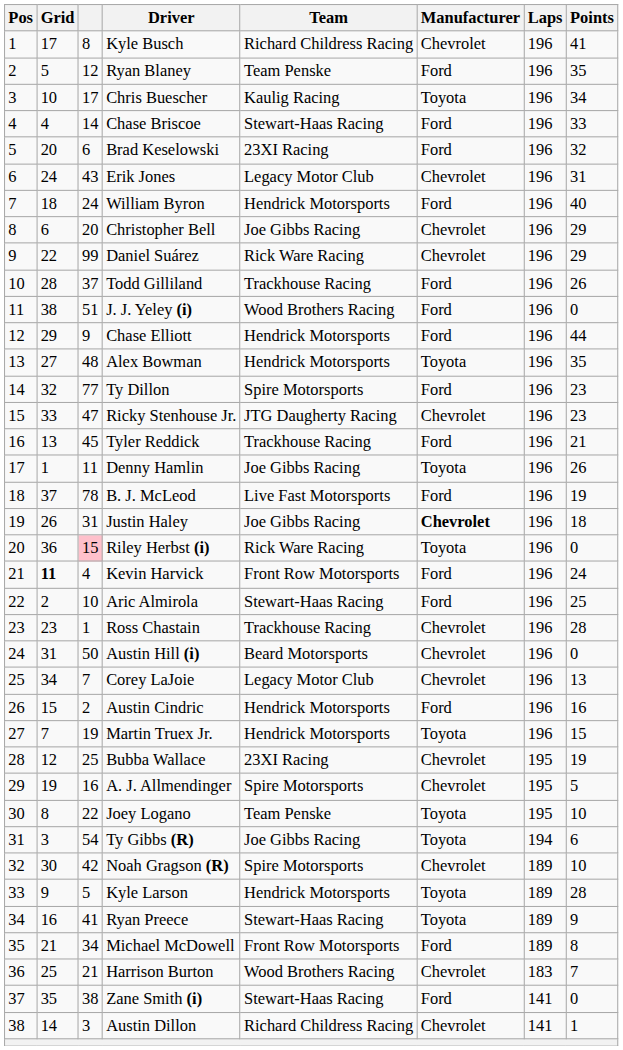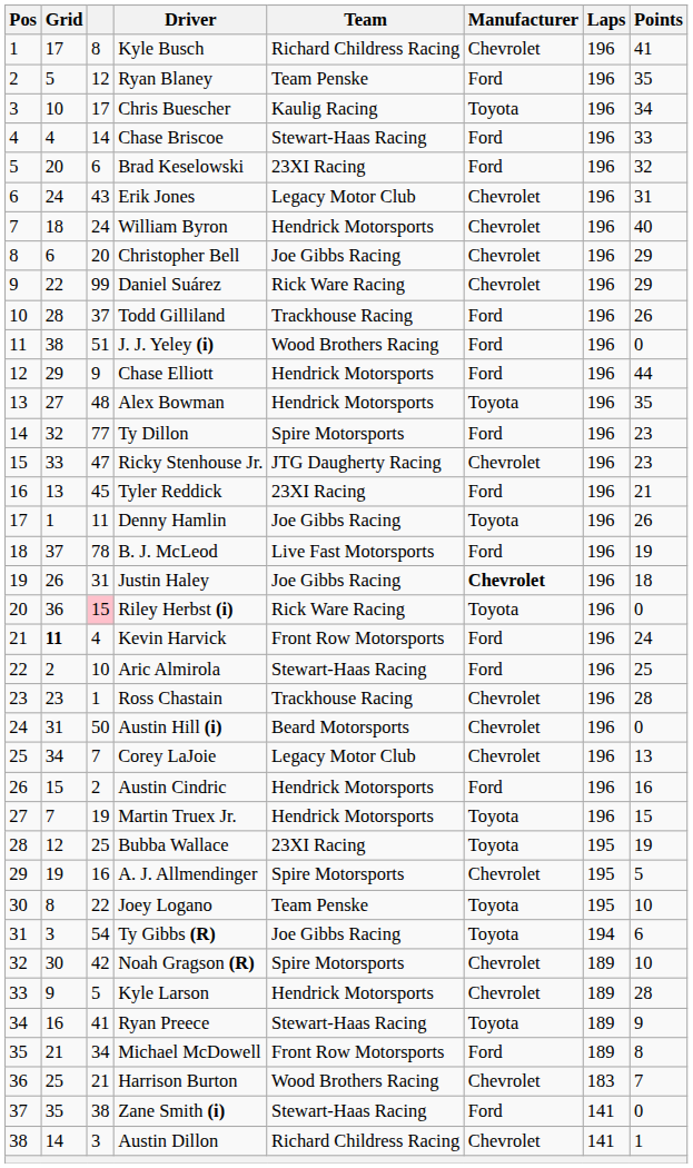 <table class="wikitable" style="font-size:98%">
 <tr>
 <th>Pos</th>
 <th>Grid</th>
 <th></th>
 <th>Driver</th>
 <th>Team</th>
 <th>Manufacturer</th>
 <th>Laps</th>
 <th>Points</th>
 </tr>
 <tr>
 <td>1</td>
 <td>17</td>
 <td>8</td>
 <td>Kyle Busch</td>
 <td>Richard Childress Racing</td>
 <td>Chevrolet</td>
 <td>196</td>
 <td>41</td>
 </tr>
 <tr>
 <td>2</td>
 <td>5</td>
 <td>12</td>
 <td>Ryan Blaney</td>
 <td>Team Penske</td>
 <td>Ford</td>
 <td>196</td>
 <td>35</td>
 </tr>
 <tr>
 <td>3</td>
 <td>10</td>
 <td>17</td>
 <td>Chris Buescher</td>
 <td>Kaulig Racing</td>
 <td>Toyota</td>
 <td>196</td>
 <td>34</td>
 </tr>
 <tr>
 <td>4</td>
 <td>4</td>
 <td>14</td>
 <td>Chase Briscoe</td>
 <td>Stewart-Haas Racing</td>
 <td>Ford</td>
 <td>196</td>
 <td>33</td>
 </tr>
 <tr>
 <td>5</td>
 <td>20</td>
 <td>6</td>
 <td>Brad Keselowski</td>
 <td>23XI Racing</td>
 <td>Ford</td>
 <td>196</td>
 <td>32</td>
 </tr>
 <tr>
 <td>6</td>
 <td>24</td>
 <td>43</td>
 <td>Erik Jones</td>
 <td>Legacy Motor Club</td>
 <td>Chevrolet</td>
 <td>196</td>
 <td>31</td>
 </tr>
 <tr>
 <td>7</td>
 <td>18</td>
 <td>24</td>
 <td>William Byron</td>
 <td>Hendrick Motorsports</td>
-<td>Ford</td>
+<td>Chevrolet</td>
 <td>196</td>
 <td>40</td>
 </tr>
 <tr>
 <td>8</td>
 <td>6</td>
 <td>20</td>
 <td>Christopher Bell</td>
 <td>Joe Gibbs Racing</td>
 <td>Chevrolet</td>
 <td>196</td>
 <td>29</td>
 </tr>
 <tr>
 <td>9</td>
 <td>22</td>
 <td>99</td>
 <td>Daniel Suárez</td>
 <td>Rick Ware Racing</td>
 <td>Chevrolet</td>
 <td>196</td>
 <td>29</td>
 </tr>
 <tr>
 <td>10</td>
 <td>28</td>
 <td>37</td>
 <td>Todd Gilliland</td>
 <td>Trackhouse Racing</td>
 <td>Ford</td>
 <td>196</td>
 <td>26</td>
 </tr>
 <tr>
 <td>11</td>
 <td>38</td>
 <td>51</td>
 <td>J. J. Yeley <strong>(i)</strong></td>
 <td>Wood Brothers Racing</td>
 <td>Ford</td>
 <td>196</td>
 <td>0</td>
 </tr>
 <tr>
 <td>12</td>
 <td>29</td>
 <td>9</td>
 <td>Chase Elliott</td>
 <td>Hendrick Motorsports</td>
 <td>Ford</td>
 <td>196</td>
 <td>44</td>
 </tr>
 <tr>
 <td>13</td>
 <td>27</td>
 <td>48</td>
 <td>Alex Bowman</td>
 <td>Hendrick Motorsports</td>
 <td>Toyota</td>
 <td>196</td>
 <td>35</td>
 </tr>
 <tr>
 <td>14</td>
 <td>32</td>
 <td>77</td>
 <td>Ty Dillon</td>
 <td>Spire Motorsports</td>
 <td>Ford</td>
 <td>196</td>
 <td>23</td>
 </tr>
 <tr>
 <td>15</td>
 <td>33</td>
 <td>47</td>
 <td>Ricky Stenhouse Jr.</td>
 <td>JTG Daugherty Racing</td>
 <td>Chevrolet</td>
 <td>196</td>
 <td>23</td>
 </tr>
 <tr>
 <td>16</td>
 <td>13</td>
 <td>45</td>
 <td>Tyler Reddick</td>
-<td>Trackhouse Racing</td>
+<td>23XI Racing</td>
 <td>Ford</td>
 <td>196</td>
 <td>21</td>
 </tr>
 <tr>
 <td>17</td>
 <td>1</td>
 <td>11</td>
 <td>Denny Hamlin</td>
 <td>Joe Gibbs Racing</td>
 <td>Toyota</td>
 <td>196</td>
 <td>26</td>
 </tr>
 <tr>
 <td>18</td>
 <td>37</td>
 <td>78</td>
 <td>B. J. McLeod</td>
 <td>Live Fast Motorsports</td>
 <td>Ford</td>
 <td>196</td>
 <td>19</td>
 </tr>
 <tr>
 <td>19</td>
 <td>26</td>
 <td>31</td>
 <td>Justin Haley</td>
 <td>Joe Gibbs Racing</td>
 <td><strong>Chevrolet</strong></td>
 <td>196</td>
 <td>18</td>
 </tr>
 <tr>
 <td>20</td>
 <td>36</td>
 <td style="background: pink;">15</td>
 <td>Riley Herbst <strong>(i)</strong></td>
 <td>Rick Ware Racing</td>
 <td>Toyota</td>
 <td>196</td>
 <td>0</td>
 </tr>
 <tr>
 <td>21</td>
 <td><strong>11</strong></td>
 <td>4</td>
 <td>Kevin Harvick</td>
 <td>Front Row Motorsports</td>
 <td>Ford</td>
 <td>196</td>
 <td>24</td>
 </tr>
 <tr>
 <td>22</td>
 <td>2</td>
 <td>10</td>
 <td>Aric Almirola</td>
 <td>Stewart-Haas Racing</td>
 <td>Ford</td>
 <td>196</td>
 <td>25</td>
 </tr>
 <tr>
 <td>23</td>
 <td>23</td>
 <td>1</td>
 <td>Ross Chastain</td>
 <td>Trackhouse Racing</td>
 <td>Chevrolet</td>
 <td>196</td>
 <td>28</td>
 </tr>
 <tr>
 <td>24</td>
 <td>31</td>
 <td>50</td>
 <td>Austin Hill <strong>(i)</strong></td>
 <td>Beard Motorsports</td>
 <td>Chevrolet</td>
 <td>196</td>
 <td>0</td>
 </tr>
 <tr>
 <td>25</td>
 <td>34</td>
 <td>7</td>
 <td>Corey LaJoie</td>
 <td>Legacy Motor Club</td>
 <td>Chevrolet</td>
 <td>196</td>
 <td>13</td>
 </tr>
 <tr>
 <td>26</td>
 <td>15</td>
 <td>2</td>
 <td>Austin Cindric</td>
 <td>Hendrick Motorsports</td>
 <td>Ford</td>
 <td>196</td>
 <td>16</td>
 </tr>
 <tr>
 <td>27</td>
 <td>7</td>
 <td>19</td>
 <td>Martin Truex Jr.</td>
 <td>Hendrick Motorsports</td>
 <td>Toyota</td>
 <td>196</td>
 <td>15</td>
 </tr>
 <tr>
 <td>28</td>
 <td>12</td>
 <td>25</td>
 <td>Bubba Wallace</td>
 <td>23XI Racing</td>
-<td>Chevrolet</td>
+<td>Toyota</td>
 <td>195</td>
 <td>19</td>
 </tr>
 <tr>
 <td>29</td>
 <td>19</td>
 <td>16</td>
 <td>A. J. Allmendinger</td>
 <td>Spire Motorsports</td>
 <td>Chevrolet</td>
 <td>195</td>
 <td>5</td>
 </tr>
 <tr>
 <td>30</td>
 <td>8</td>
 <td>22</td>
 <td>Joey Logano</td>
 <td>Team Penske</td>
 <td>Toyota</td>
 <td>195</td>
 <td>10</td>
 </tr>
 <tr>
 <td>31</td>
 <td>3</td>
 <td>54</td>
 <td>Ty Gibbs <strong>(R)</strong></td>
 <td>Joe Gibbs Racing</td>
 <td>Toyota</td>
 <td>194</td>
 <td>6</td>
 </tr>
 <tr>
 <td>32</td>
 <td>30</td>
 <td>42</td>
 <td>Noah Gragson <strong>(R)</strong></td>
 <td>Spire Motorsports</td>
 <td>Chevrolet</td>
 <td>189</td>
 <td>10</td>
 </tr>
 <tr>
 <td>33</td>
 <td>9</td>
 <td>5</td>
 <td>Kyle Larson</td>
 <td>Hendrick Motorsports</td>
-<td>Toyota</td>
+<td>Chevrolet</td>
 <td>189</td>
 <td>28</td>
 </tr>
 <tr>
 <td>34</td>
 <td>16</td>
 <td>41</td>
 <td>Ryan Preece</td>
 <td>Stewart-Haas Racing</td>
 <td>Toyota</td>
 <td>189</td>
 <td>9</td>
 </tr>
 <tr>
 <td>35</td>
 <td>21</td>
 <td>34</td>
 <td>Michael McDowell</td>
 <td>Front Row Motorsports</td>
 <td>Ford</td>
 <td>189</td>
 <td>8</td>
 </tr>
 <tr>
 <td>36</td>
 <td>25</td>
 <td>21</td>
 <td>Harrison Burton</td>
 <td>Wood Brothers Racing</td>
 <td>Chevrolet</td>
 <td>183</td>
 <td>7</td>
 </tr>
 <tr>
 <td>37</td>
 <td>35</td>
 <td>38</td>
 <td>Zane Smith <strong>(i)</strong></td>
 <td>Stewart-Haas Racing</td>
 <td>Ford</td>
 <td>141</td>
 <td>0</td>
 </tr>
 <tr>
 <td>38</td>
 <td>14</td>
 <td>3</td>
 <td>Austin Dillon</td>
 <td>Richard Childress Racing</td>
 <td>Chevrolet</td>
 <td>141</td>
 <td>1</td>
 </tr>
 <tr>
 <th colspan="8"></th>
 </tr>
 </table>
